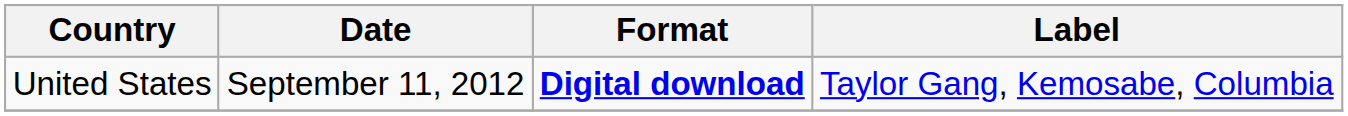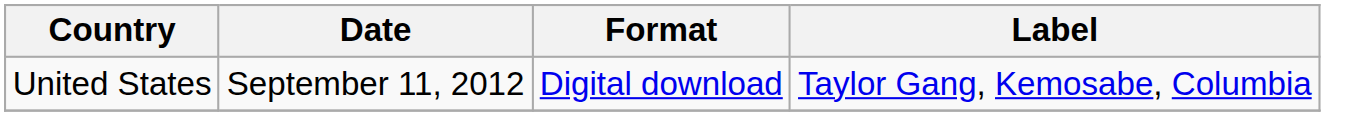 <table class="wikitable">
 <tr>
 <th>Country</th>
 <th>Date</th>
 <th>Format</th>
 <th>Label</th>
 </tr>
 <tr>
 <td>United States</td>
 <td>September 11, 2012</td>
-<td><strong><a href='#'>Digital download</a></strong></td>
+<td><a href='#'>Digital download</a></td>
 <td><a href='#'>Taylor Gang</a>, <a href='#'>Kemosabe</a>, <a href='#'>Columbia</a></td>
 </tr>
 <tr>
 </tr>
 </table>
